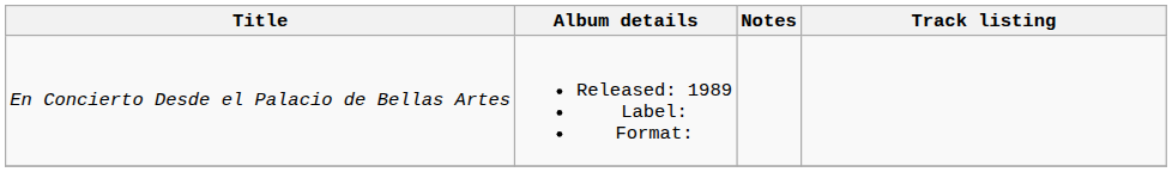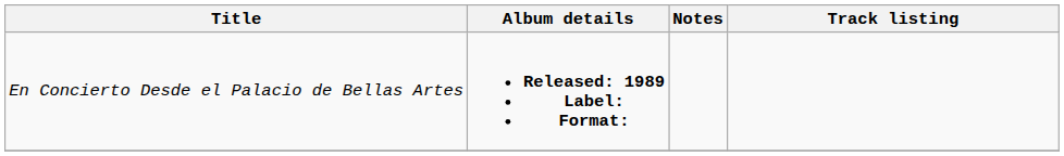 <table class="wikitable plainrowheaders" style="text-align:center;">
 <tr>
 <th>Title</th>
 <th>Album details</th>
 <th>Notes</th>
 <th scope="col" width="250px">Track listing</th>
 </tr>
 <tr>
 <td><em>En Concierto Desde el Palacio de Bellas Artes</em>  </td>
-<td><br><ul><li>Released: 1989</li><li>Label:</li><li>Format:</li></ul></td>
+<td><strong><br><ul><li>Released: 1989</li><li>Label:</li><li>Format:</li></ul></strong></td>
 <td></td>
 <td></td>
 </tr>
 <tr>
 </tr>
 </table>
